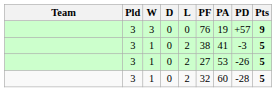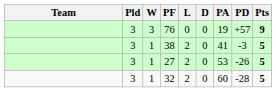 <table class="wikitable" style="text-align:center;">
 <tr>
 <th width=175>Team</th>
 <th width=20 abbr="Played">Pld</th>
 <th width=20 abbr="Won">W</th>
+<th width=20 abbr="Points for">PF</th>
+<th width=20 abbr="Lost">L</th>
 <th width=20 abbr="Drawn">D</th>
-<th width=20 abbr="Lost">L</th>
-<th width=20 abbr="Points for">PF</th>
 <th width=20 abbr="Points against">PA</th>
 <th width=25 abbr="Points difference">PD</th>
 <th width=20 abbr="Points">Pts</th>
 </tr>
 <tr bgcolor=ccffcc>
 <td style="text-align:left;"></td>
 <td>3</td>
 <td>3</td>
+<td>76</td>
 <td>0</td>
 <td>0</td>
-<td>76</td>
 <td>19</td>
 <td>+57</td>
 <td><strong>9</strong></td>
 </tr>
 <tr bgcolor=ccffcc>
 <td style="text-align:left;"></td>
 <td>3</td>
 <td>1</td>
+<td>38</td>
+<td>2</td>
 <td>0</td>
-<td>2</td>
-<td>38</td>
 <td>41</td>
 <td>-3</td>
 <td><strong>5</strong></td>
 </tr>
 <tr bgcolor=ccffcc>
 <td style="text-align:left;"></td>
 <td>3</td>
 <td>1</td>
+<td>27</td>
+<td>2</td>
 <td>0</td>
-<td>2</td>
-<td>27</td>
 <td>53</td>
 <td>-26</td>
 <td><strong>5</strong></td>
 </tr>
 <tr>
 <td style="text-align:left;"></td>
 <td>3</td>
 <td>1</td>
+<td>32</td>
+<td>2</td>
 <td>0</td>
-<td>2</td>
-<td>32</td>
 <td>60</td>
 <td>-28</td>
 <td><strong>5</strong></td>
 </tr>
 </table>
